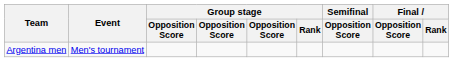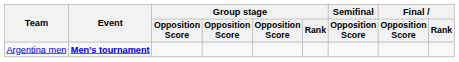 <table class="wikitable" style="font-size:90%">
 <tr>
 <th rowspan="2">Team</th>
 <th rowspan="2">Event</th>
 <th colspan="4">Group stage</th>
 <th>Semifinal</th>
 <th colspan="2">Final / </th>
 </tr>
 <tr style="font-size:95%">
 <th>Opposition<br>Score</th>
 <th>Opposition<br>Score</th>
 <th>Opposition<br>Score</th>
 <th>Rank</th>
 <th>Opposition<br>Score</th>
 <th>Opposition<br>Score</th>
 <th>Rank</th>
 </tr>
 <tr align="center">
 <td align="left"><a href='#'>Argentina men</a></td>
-<td align="left"><a href='#'>Men's tournament</a></td>
+<td align="left"><strong><a href='#'>Men's tournament</a></strong></td>
 <td></td>
 <td></td>
 <td></td>
 <td></td>
 <td></td>
 <td></td>
 <td></td>
 </tr>
 </table>
